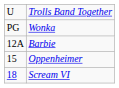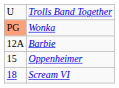 <table class="wikitable sortable" style="margin:auto; margin:auto;">
 <tr>
 <td>U</td>
 <td><em><a href='#'>Trolls Band Together</a></em></td>
 </tr>
 <tr>
-<td>PG</td>
+<td style="background: lightsalmon;">PG</td>
 <td><em><a href='#'>Wonka</a></em></td>
 </tr>
 <tr>
 <td>12A</td>
 <td><em><a href='#'>Barbie</a></em></td>
 </tr>
 <tr>
 <td>15</td>
 <td><em><a href='#'>Oppenheimer</a></em></td>
 </tr>
 <tr>
 <td><a href='#'>18</a></td>
 <td><em><a href='#'>Scream VI</a></em></td>
 </tr>
 </table>
